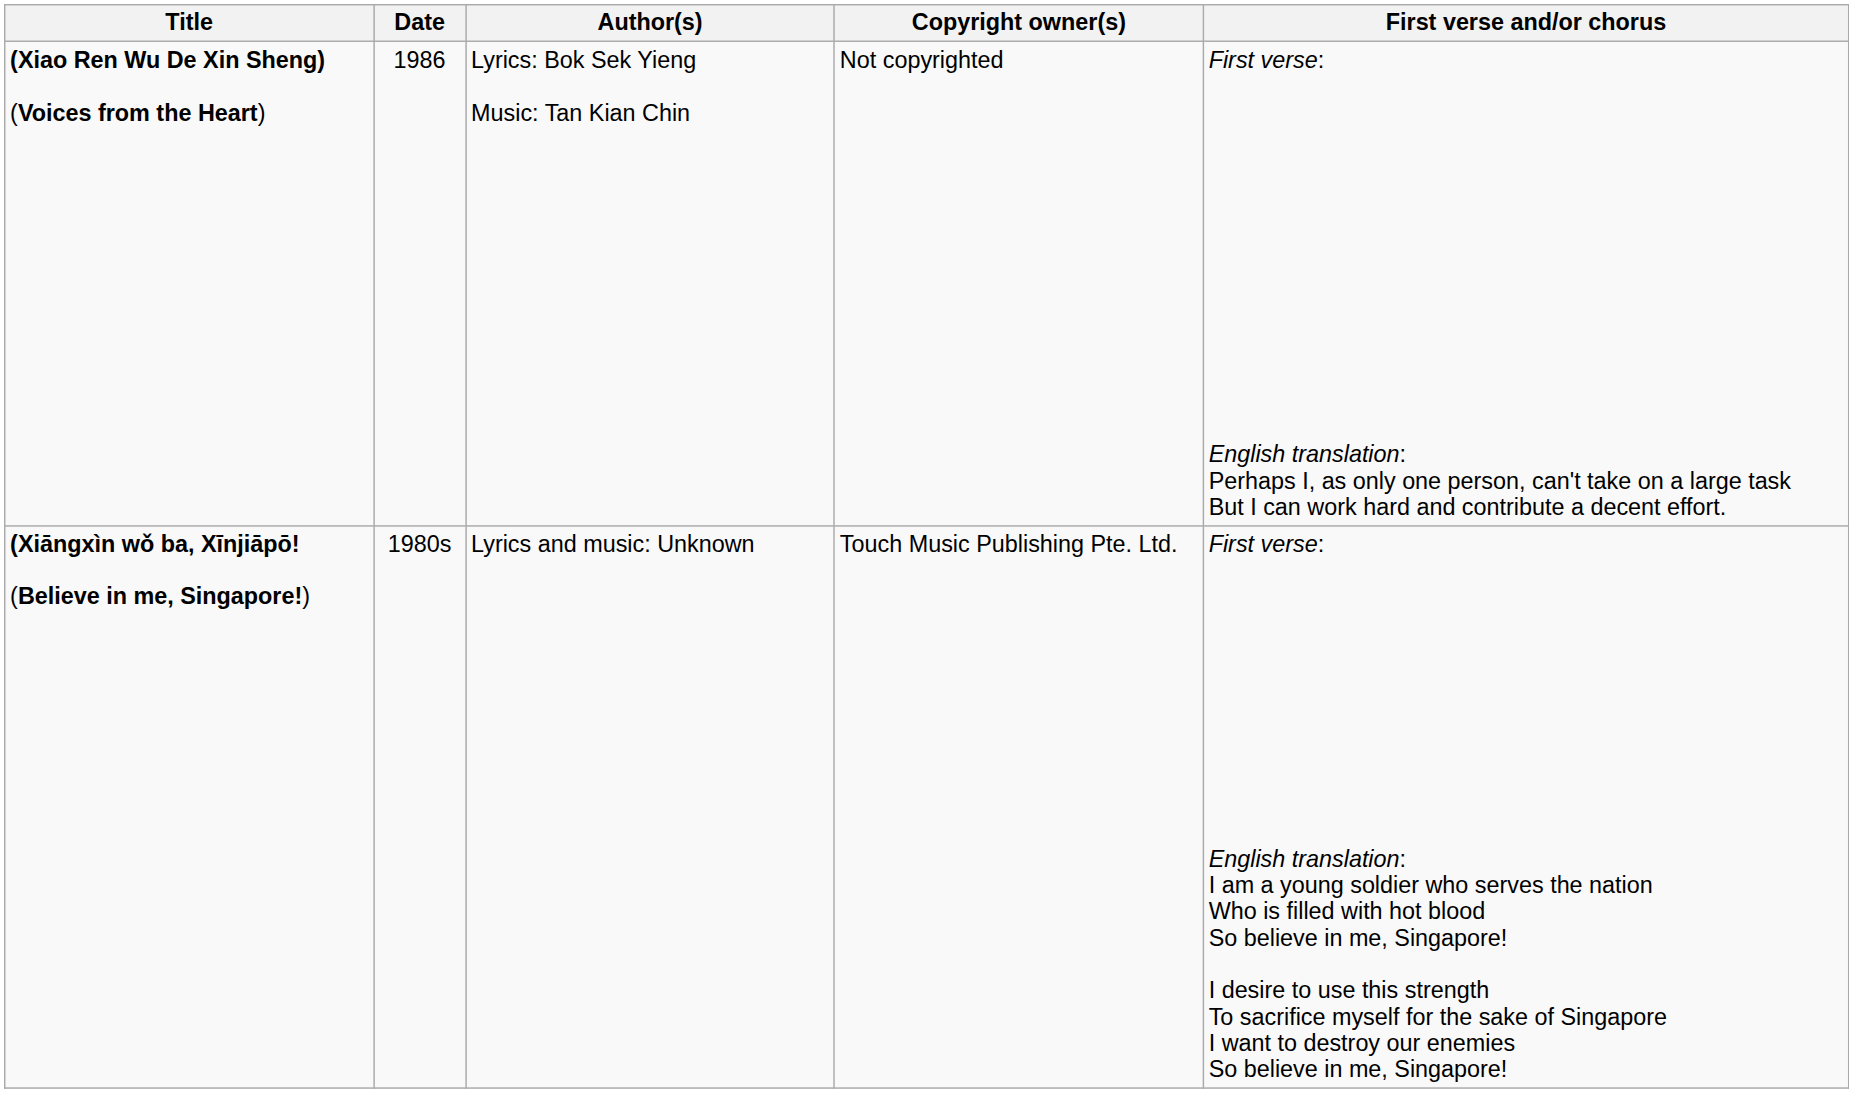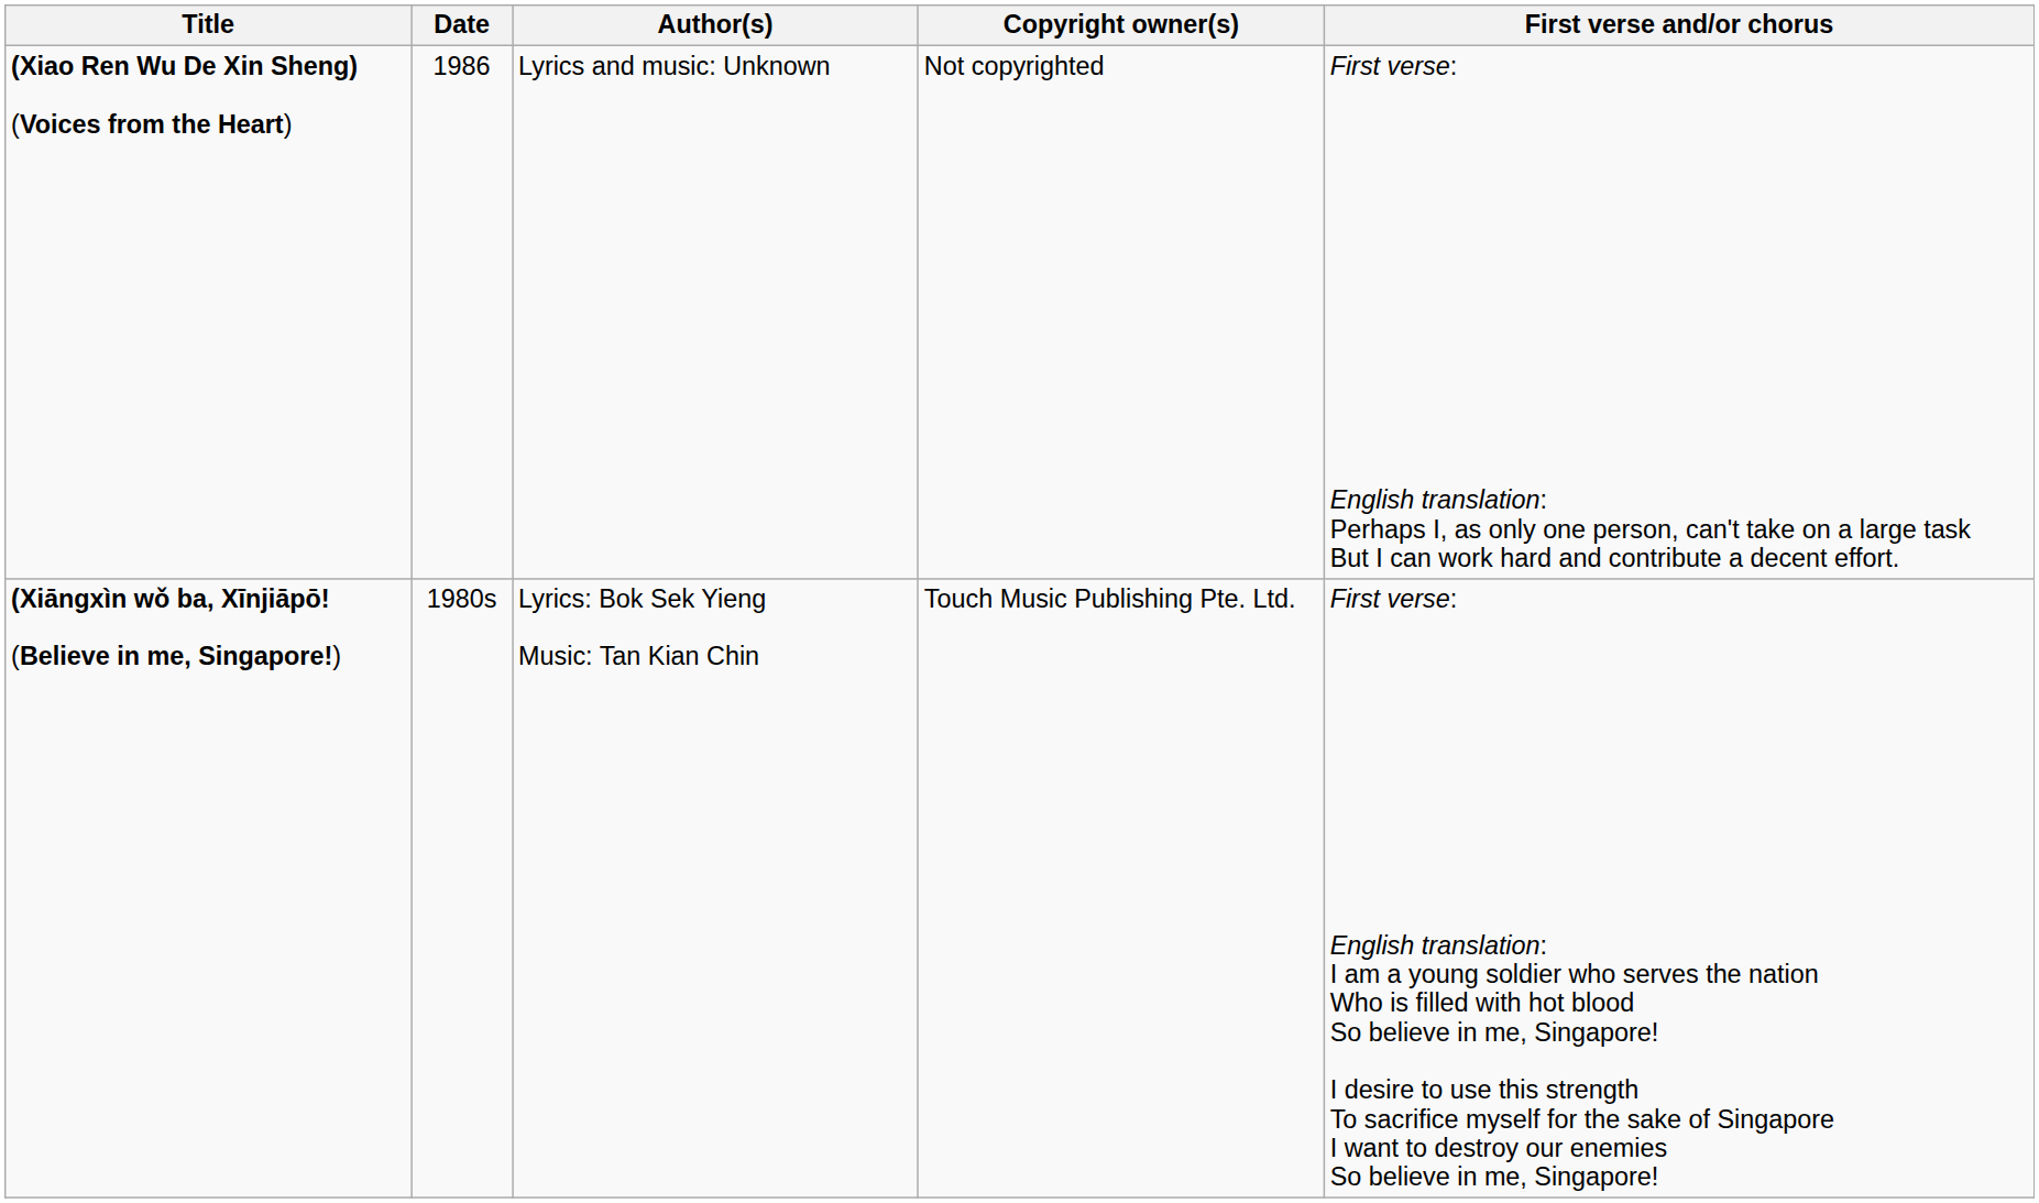 <table class=wikitable sortable width=100%>
 <tr>
 <th width=20%>Title</th>
 <th width=5%>Date</th>
 <th width=20%>Author(s)</th>
 <th width=20%>Copyright owner(s)</th>
 <th width=35%>First verse and/or chorus</th>
 </tr>
 <tr valign=top>
 <td><strong> (Xiao Ren Wu De Xin Sheng)</strong><br><br>(<strong>Voices from the Heart</strong>)</td>
 <td align=center>1986</td>
-<td>Lyrics: Bok Sek Yieng<br><br>Music: Tan Kian Chin</td>
+<td>Lyrics and music: Unknown</td>
 <td>Not copyrighted</td>
 <td><em>First verse</em>:<br><br><br> <br> <br> <br> <br> <br> <br> <br> <br> <br> <br> <br><br><em>English translation</em>:<br> Perhaps I, as only one person, can't take on a large task<br> But I can work hard and contribute a decent effort.</td>
 </tr>
 <tr valign=top>
 <td><strong> (Xiāngxìn wǒ ba, Xīnjiāpō!</strong><br><br>(<strong>Believe in me, Singapore!</strong>)</td>
 <td align=center>1980s</td>
-<td>Lyrics and music: Unknown</td>
+<td>Lyrics: Bok Sek Yieng<br><br>Music: Tan Kian Chin</td>
 <td>Touch Music Publishing Pte. Ltd.</td>
 <td><em>First verse</em>:<br><br><br> <br> <br> <br><br><br> <br> <br> <br><br><em>English translation</em>:<br> I am a young soldier who serves the nation<br> Who is filled with hot blood<br> So believe in me, Singapore!<br><br>I desire to use this strength<br> To sacrifice myself for the sake of Singapore<br> I want to destroy our enemies<br> So believe in me, Singapore!</td>
 </tr>
 </table>
